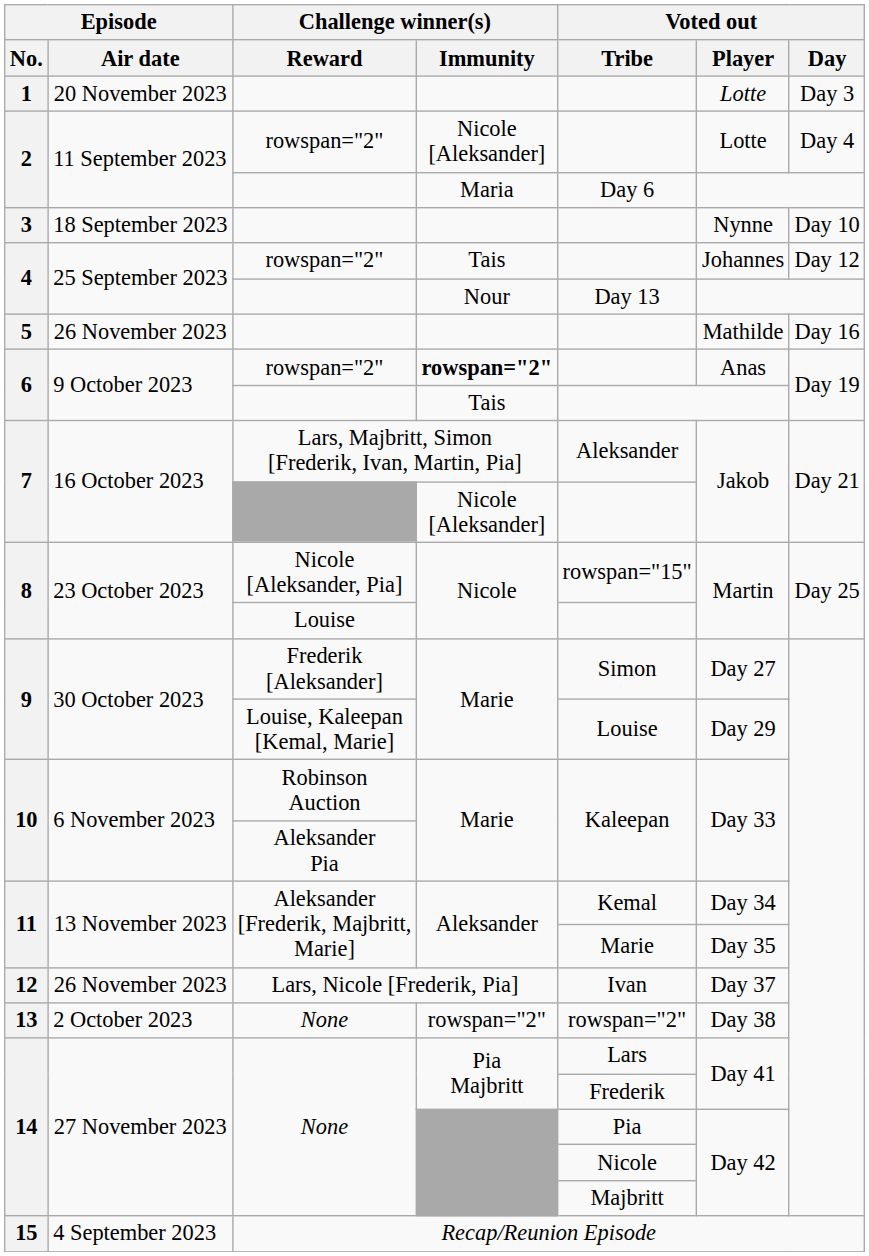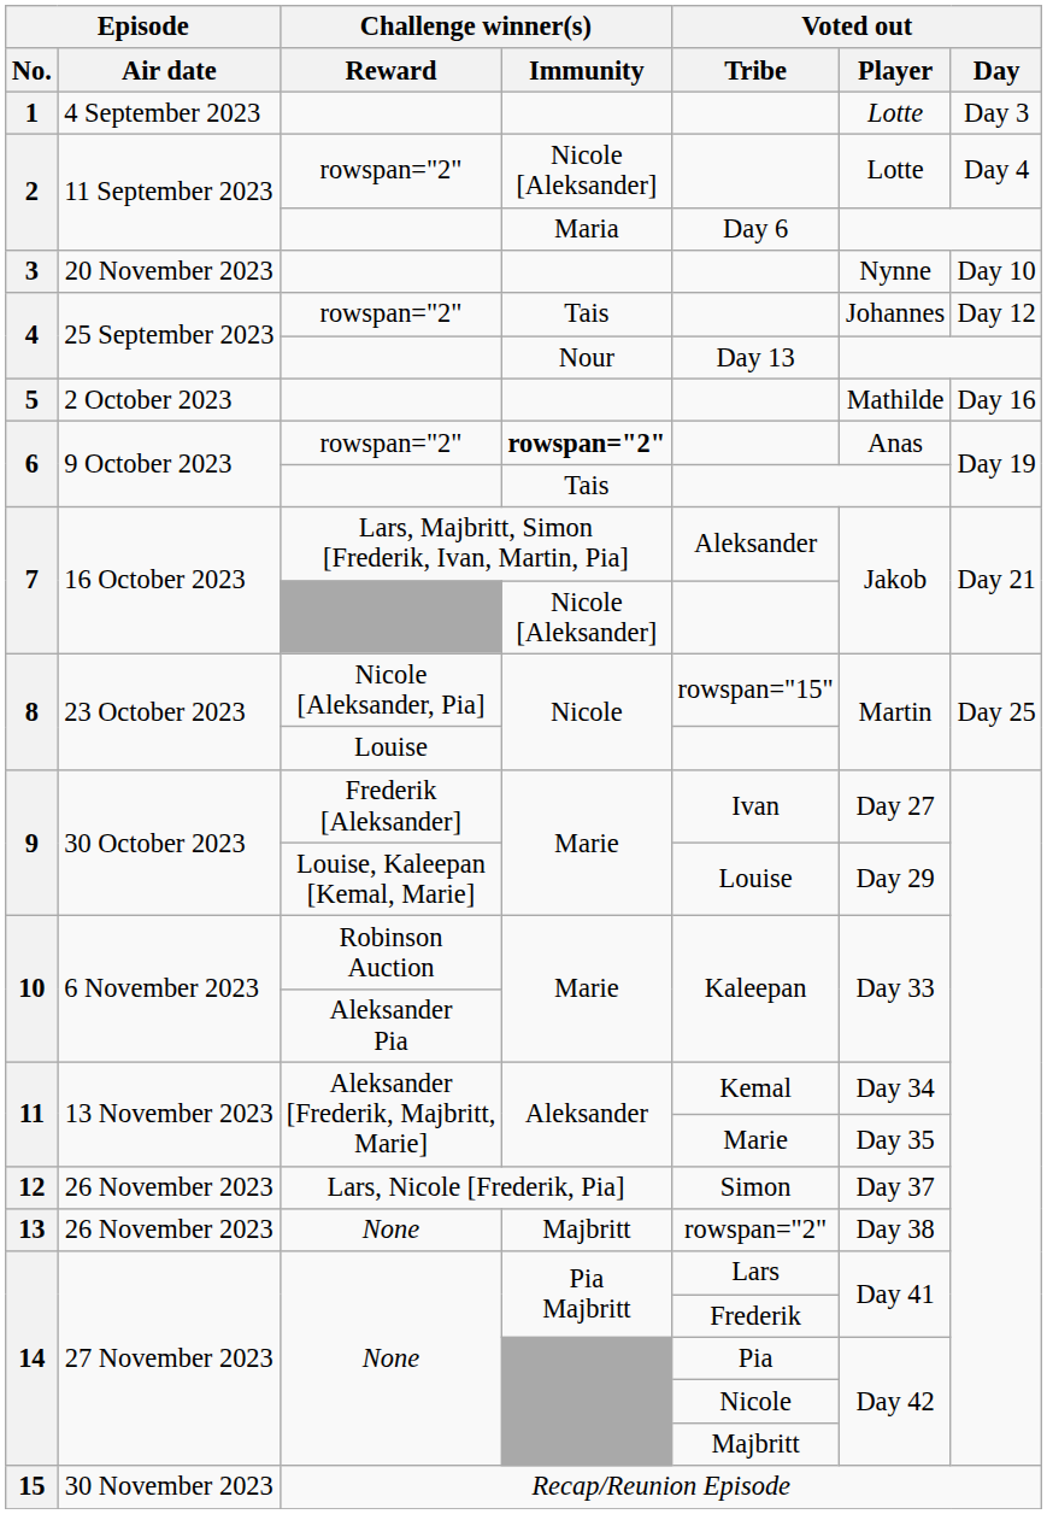 <table class="wikitable unsortable" style="text-align:center;">
 <tr>
 <th colspan="2" scope="col">Episode</th>
 <th colspan="2" scope="col group">Challenge winner(s)</th>
 <th colspan="3" scope="col group">Voted out</th>
 </tr>
 <tr>
 <th scope="col">No.</th>
 <th scope="col">Air date</th>
 <th scope="col">Reward</th>
 <th scope="col">Immunity</th>
 <th scope="col">Tribe</th>
 <th scope="col">Player</th>
 <th scope="col">Day</th>
 </tr>
 <tr>
 <th scope="row">1</th>
-<td>20 November 2023</td>
+<td align="left">4 September 2023</td>
 <td></td>
 <td></td>
 <td></td>
 <td><em>Lotte</em></td>
 <td>Day 3</td>
 </tr>
 <tr>
 <th rowspan="2" scope="row">2</th>
 <td rowspan="2" align="left">11 September 2023</td>
 <td>rowspan="2" </td>
 <td>Nicole<br>[Aleksander]</td>
 <td></td>
 <td>Lotte</td>
 <td>Day 4</td>
 </tr>
 <tr>
 <td></td>
 <td>Maria</td>
 <td>Day 6</td>
 </tr>
 <tr>
 <th scope="row">3</th>
-<td align="left">18 September 2023</td>
+<td>20 November 2023</td>
 <td></td>
 <td></td>
 <td></td>
 <td>Nynne</td>
 <td>Day 10</td>
 </tr>
 <tr>
 <th rowspan="2" scope="row">4</th>
 <td rowspan="2" align="left">25 September 2023</td>
 <td>rowspan="2" </td>
 <td>Tais</td>
 <td></td>
 <td>Johannes</td>
 <td>Day 12</td>
 </tr>
 <tr>
 <td></td>
 <td>Nour</td>
 <td>Day 13</td>
 </tr>
 <tr>
 <th scope="row">5</th>
-<td>26 November 2023</td>
+<td align="left">2 October 2023</td>
 <td></td>
 <td></td>
 <td></td>
 <td>Mathilde</td>
 <td>Day 16</td>
 </tr>
 <tr>
 <th rowspan="2" scope="row">6</th>
 <td rowspan="2" align="left">9 October 2023</td>
 <td>rowspan="2" </td>
 <td><strong>rowspan="2" </strong></td>
 <td></td>
 <td>Anas</td>
 <td rowspan="2">Day 19</td>
 </tr>
 <tr>
 <td></td>
 <td>Tais</td>
 </tr>
 <tr>
 <th rowspan="2" scope="row">7</th>
 <td rowspan="2" align="left">16 October 2023</td>
 <td colspan="2">Lars, Majbritt, Simon<br>[Frederik, Ivan, Martin, Pia]</td>
 <td>Aleksander</td>
 <td rowspan="2">Jakob</td>
 <td rowspan="2">Day 21</td>
 </tr>
 <tr>
 <td style="background:darkgray;"></td>
 <td>Nicole<br>[Aleksander]</td>
 </tr>
 <tr>
 <th rowspan="2" scope="row">8</th>
 <td rowspan="2" align="left">23 October 2023</td>
 <td>Nicole<br>[Aleksander, Pia]</td>
 <td rowspan="2">Nicole</td>
 <td>rowspan="15" </td>
 <td rowspan="2">Martin</td>
 <td rowspan="2">Day 25</td>
 </tr>
 <tr>
 <td>Louise</td>
 </tr>
 <tr>
 <th rowspan="2" scope="row">9</th>
 <td rowspan="2" align="left">30 October 2023</td>
 <td>Frederik<br>[Aleksander]</td>
 <td rowspan="2">Marie</td>
-<td>Simon</td>
+<td>Ivan</td>
 <td>Day 27</td>
 </tr>
 <tr>
 <td>Louise, Kaleepan<br>[Kemal, Marie]</td>
 <td>Louise</td>
 <td>Day 29</td>
 </tr>
 <tr>
 <th rowspan="2" scope="row">10</th>
 <td rowspan="2" align="left">6 November 2023</td>
 <td colspan="1">Robinson<br>Auction</td>
 <td rowspan="2">Marie</td>
 <td rowspan="2">Kaleepan</td>
 <td rowspan="2">Day 33</td>
 </tr>
 <tr>
 <td rowspan="1">Aleksander<br>Pia</td>
 </tr>
 <tr>
 <th rowspan="2" scope="row">11</th>
 <td rowspan="2">13 November 2023</td>
 <td rowspan="2">Aleksander<br>[Frederik, Majbritt,<br>Marie]</td>
 <td rowspan="2">Aleksander</td>
 <td rowspan="1">Kemal</td>
 <td rowspan="1">Day 34</td>
 </tr>
 <tr>
 <td rowspan="1">Marie</td>
 <td rowspan="1">Day 35</td>
 </tr>
 <tr>
 <th scope="row">12</th>
 <td>26 November 2023</td>
 <td colspan="2">Lars, Nicole [Frederik, Pia]</td>
-<td>Ivan</td>
+<td>Simon</td>
 <td>Day 37</td>
 </tr>
 <tr>
 <th scope="raw">13</th>
-<td align="left">2 October 2023</td>
+<td>26 November 2023</td>
 <td><em>None</em></td>
-<td>rowspan="2" </td>
+<td>Majbritt</td>
 <td>rowspan="2" </td>
 <td>Day 38</td>
 </tr>
 <tr>
 <th rowspan="5" scope="raw">14</th>
 <td rowspan="5">27 November 2023</td>
 <td rowspan="5"><em>None</em></td>
 <td rowspan="2">Pia<br>Majbritt</td>
 <td rowspan="1">Lars</td>
 <td rowspan="2">Day 41</td>
 </tr>
 <tr>
 <td rowspan="1">Frederik</td>
 </tr>
 <tr>
 <td rowspan="3" bgcolor="darkgrey"></td>
 <td rowspan="1">Pia</td>
 <td rowspan="3">Day 42</td>
 </tr>
 <tr>
 <td rowspan="1">Nicole</td>
 </tr>
 <tr>
 <td rowspan="1">Majbritt</td>
 </tr>
 <tr>
 <th scope="raw">15</th>
-<td align="left">4 September 2023</td>
+<td>30 November 2023</td>
 <td colspan="5"><em>Recap/Reunion Episode</em></td>
 </tr>
 <tr>
 </tr>
 </table>
